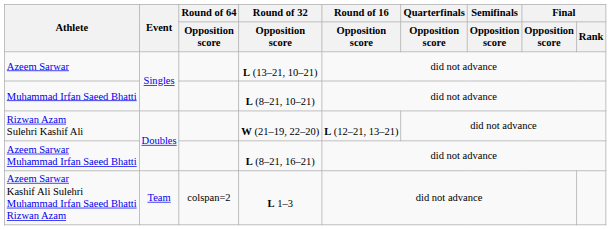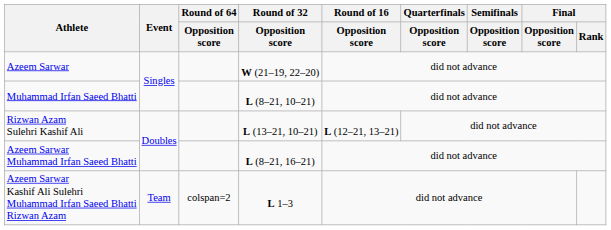 <table class=wikitable style=font-size:90%;text-align:center>
 <tr>
 <th rowspan="2">Athlete</th>
 <th rowspan="2">Event</th>
 <th>Round of 64</th>
 <th>Round of 32</th>
 <th>Round of 16</th>
 <th>Quarterfinals</th>
 <th>Semifinals</th>
 <th colspan="2">Final</th>
 </tr>
 <tr>
 <th>Opposition<br> score</th>
 <th>Opposition<br> score</th>
 <th>Opposition<br> score</th>
 <th>Opposition<br> score</th>
 <th>Opposition<br> score</th>
 <th>Opposition<br> score</th>
 <th>Rank</th>
 </tr>
 <tr>
 <td align=left><a href='#'>Azeem Sarwar</a></td>
 <td align=center rowspan=2><a href='#'>Singles</a></td>
 <td></td>
-<td><br><strong>L</strong> (13–21, 10–21)</td>
+<td><br><strong>W</strong> (21–19, 22–20)</td>
 <td colspan="5">did not advance</td>
 </tr>
 <tr>
 <td align=left><a href='#'>Muhammad Irfan Saeed Bhatti</a></td>
 <td></td>
 <td><br><strong>L</strong> (8–21, 10–21)</td>
 <td colspan="5">did not advance</td>
 </tr>
 <tr>
 <td align=left><a href='#'>Rizwan Azam</a> <br> Sulehri Kashif Ali</td>
 <td align=center rowspan=2><a href='#'>Doubles</a></td>
 <td></td>
-<td><br><strong>W</strong> (21–19, 22–20)</td>
+<td><br><strong>L</strong> (13–21, 10–21)</td>
 <td><br><strong>L</strong> (12–21, 13–21)</td>
 <td colspan="4">did not advance</td>
 </tr>
 <tr>
 <td align=left><a href='#'>Azeem Sarwar</a> <br> <a href='#'>Muhammad Irfan Saeed Bhatti</a></td>
 <td></td>
 <td><br><strong>L</strong> (8–21, 16–21)</td>
 <td colspan="5">did not advance</td>
 </tr>
 <tr>
 <td align=left><a href='#'>Azeem Sarwar</a> <br> Kashif Ali Sulehri <br> <a href='#'>Muhammad Irfan Saeed Bhatti</a> <br> <a href='#'>Rizwan Azam</a></td>
 <td align=center><a href='#'>Team</a></td>
 <td>colspan=2 </td>
 <td><br><strong>L</strong> 1–3</td>
 <td colspan="4">did not advance</td>
 </tr>
 </table>
